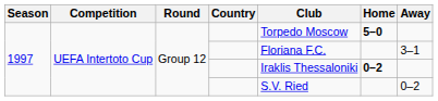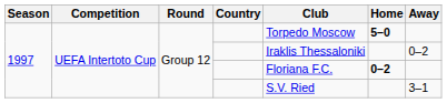 <table class="wikitable">
 <tr>
 <th>Season</th>
 <th>Competition</th>
 <th>Round</th>
 <th>Country</th>
 <th>Club</th>
 <th>Home</th>
 <th>Away</th>
 </tr>
 <tr>
 <td rowspan="4"><a href='#'>1997</a></td>
 <td rowspan="4"><a href='#'>UEFA Intertoto Cup</a></td>
 <td rowspan="4">Group 12</td>
 <td></td>
 <td><a href='#'>Torpedo Moscow</a></td>
 <td><strong>5–0</strong></td>
 <td></td>
 </tr>
 <tr>
 <td></td>
-<td><a href='#'>Floriana F.C.</a></td>
+<td><a href='#'>Iraklis Thessaloniki</a></td>
 <td></td>
-<td>3–1</td>
+<td>0–2</td>
 </tr>
 <tr>
 <td></td>
-<td><a href='#'>Iraklis Thessaloniki</a></td>
+<td><a href='#'>Floriana F.C.</a></td>
 <td><strong>0–2</strong></td>
 <td></td>
 </tr>
 <tr>
 <td></td>
 <td><a href='#'>S.V. Ried</a></td>
 <td></td>
-<td>0–2</td>
+<td>3–1</td>
 </tr>
 </table>
